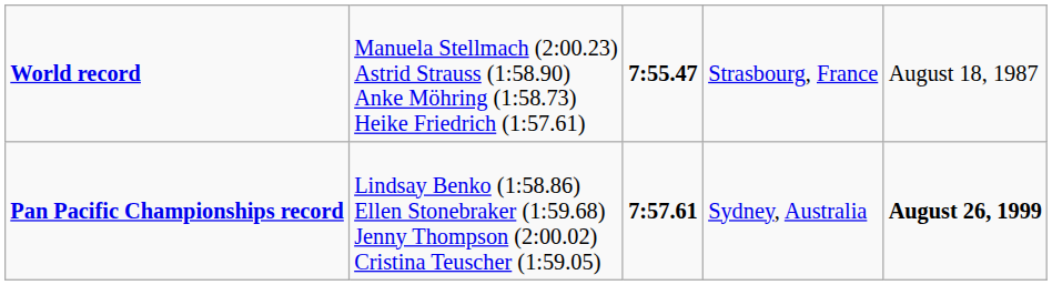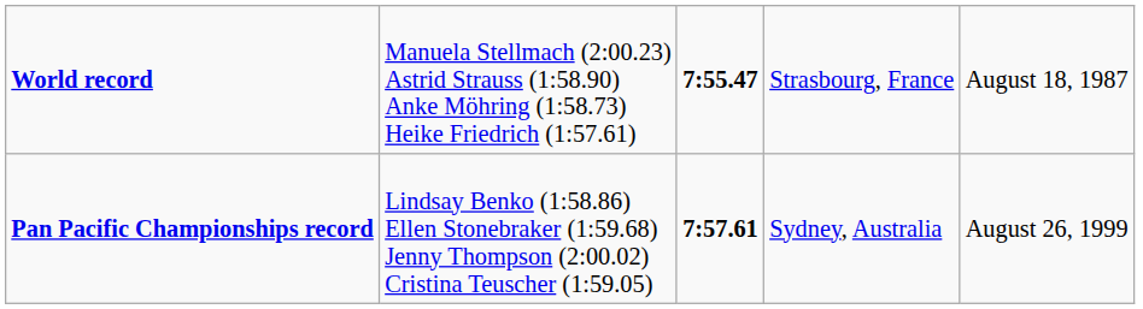 <table class="wikitable">
 <tr>
 <td><strong><a href='#'>World record</a></strong></td>
 <td><br><a href='#'>Manuela Stellmach</a> (2:00.23)<br><a href='#'>Astrid Strauss</a> (1:58.90)<br><a href='#'>Anke Möhring</a> (1:58.73)<br><a href='#'>Heike Friedrich</a> (1:57.61)</td>
 <td><strong>7:55.47</strong></td>
 <td><a href='#'>Strasbourg</a>, <a href='#'>France</a></td>
 <td>August 18, 1987</td>
 </tr>
 <tr>
 <td><strong><a href='#'>Pan Pacific Championships record</a></strong></td>
 <td><br><a href='#'>Lindsay Benko</a> (1:58.86)<br><a href='#'>Ellen Stonebraker</a> (1:59.68)<br><a href='#'>Jenny Thompson</a> (2:00.02)<br><a href='#'>Cristina Teuscher</a> (1:59.05)</td>
 <td><strong>7:57.61</strong></td>
 <td><a href='#'>Sydney</a>, <a href='#'>Australia</a></td>
-<td><strong>August 26, 1999</strong></td>
+<td>August 26, 1999</td>
 </tr>
 </table>
